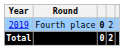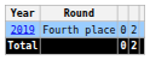 <table class="wikitable" style="text-align:center;">
 <tr>
 <th>Year</th>
 <th>Round</th>
 <th></th>
 <th></th>
 <th></th>
 </tr>
 <tr bgcolor=#9acdff>
 <td> <a href='#'>2019</a></td>
 <td>Fourth place</td>
-<td><strong>0</strong></td>
+<td>0</td>
 <td>2</td>
 <td></td>
 </tr>
 <tr>
 </tr>
 <tr style="color:white;">
 <th style="background:black;">Total</th>
 <th style="background:black;"></th>
 <th style="background:black;">0</th>
 <th style="background:black;">2</th>
 <th style="background:black;"></th>
 </tr>
 </table>
